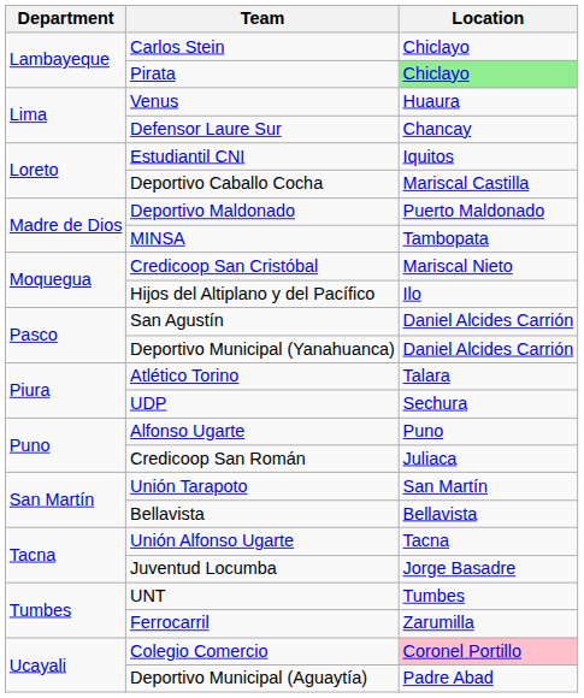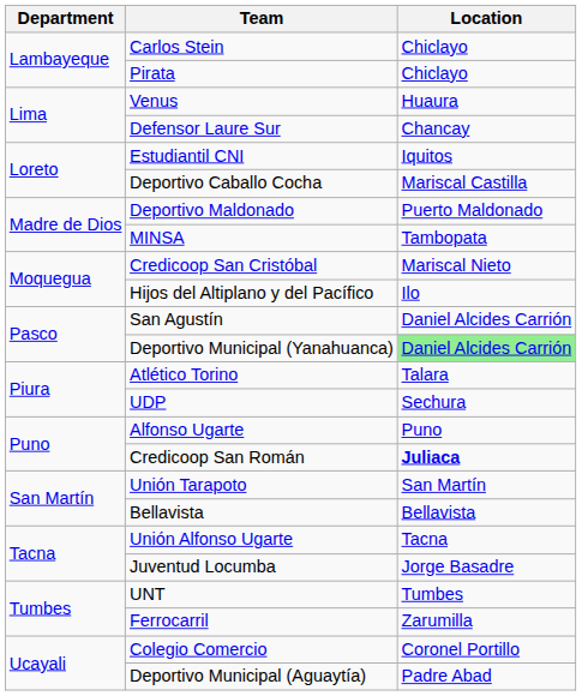 <table class="wikitable">
 <tr>
 <th>Department</th>
 <th>Team</th>
 <th>Location</th>
 </tr>
 <tr>
 <td rowspan="2"><a href='#'>Lambayeque</a></td>
 <td><a href='#'>Carlos Stein</a></td>
 <td><a href='#'>Chiclayo</a></td>
 </tr>
 <tr>
 <td><a href='#'>Pirata</a></td>
-<td style="background: lightgreen;"><a href='#'>Chiclayo</a></td>
+<td><a href='#'>Chiclayo</a></td>
 </tr>
 <tr>
 <td rowspan="2"><a href='#'>Lima</a></td>
 <td><a href='#'>Venus</a></td>
 <td><a href='#'>Huaura</a></td>
 </tr>
 <tr>
 <td><a href='#'>Defensor Laure Sur</a></td>
 <td><a href='#'>Chancay</a></td>
 </tr>
 <tr>
 <td rowspan="2"><a href='#'>Loreto</a></td>
 <td><a href='#'>Estudiantil CNI</a></td>
 <td><a href='#'>Iquitos</a></td>
 </tr>
 <tr>
 <td>Deportivo Caballo Cocha</td>
 <td><a href='#'>Mariscal Castilla</a></td>
 </tr>
 <tr>
 <td rowspan="2"><a href='#'>Madre de Dios</a></td>
 <td><a href='#'>Deportivo Maldonado</a></td>
 <td><a href='#'>Puerto Maldonado</a></td>
 </tr>
 <tr>
 <td><a href='#'>MINSA</a></td>
 <td><a href='#'>Tambopata</a></td>
 </tr>
 <tr>
 <td rowspan="2"><a href='#'>Moquegua</a></td>
 <td><a href='#'>Credicoop San Cristóbal</a></td>
 <td><a href='#'>Mariscal Nieto</a></td>
 </tr>
 <tr>
 <td>Hijos del Altiplano y del Pacífico</td>
 <td><a href='#'>Ilo</a></td>
 </tr>
 <tr>
 <td rowspan="2"><a href='#'>Pasco</a></td>
 <td>San Agustín</td>
 <td><a href='#'>Daniel Alcides Carrión</a></td>
 </tr>
 <tr>
 <td>Deportivo Municipal (Yanahuanca)</td>
-<td><a href='#'>Daniel Alcides Carrión</a></td>
+<td style="background: lightgreen;"><a href='#'>Daniel Alcides Carrión</a></td>
 </tr>
 <tr>
 <td rowspan="2"><a href='#'>Piura</a></td>
 <td><a href='#'>Atlético Torino</a></td>
 <td><a href='#'>Talara</a></td>
 </tr>
 <tr>
 <td><a href='#'>UDP</a></td>
 <td><a href='#'>Sechura</a></td>
 </tr>
 <tr>
 <td rowspan="2"><a href='#'>Puno</a></td>
 <td><a href='#'>Alfonso Ugarte</a></td>
 <td><a href='#'>Puno</a></td>
 </tr>
 <tr>
 <td>Credicoop San Román</td>
-<td><a href='#'>Juliaca</a></td>
+<td><strong><a href='#'>Juliaca</a></strong></td>
 </tr>
 <tr>
 <td rowspan="2"><a href='#'>San Martín</a></td>
 <td><a href='#'>Unión Tarapoto</a></td>
 <td><a href='#'>San Martín</a></td>
 </tr>
 <tr>
 <td>Bellavista</td>
 <td><a href='#'>Bellavista</a></td>
 </tr>
 <tr>
 <td rowspan="2"><a href='#'>Tacna</a></td>
 <td><a href='#'>Unión Alfonso Ugarte</a></td>
 <td><a href='#'>Tacna</a></td>
 </tr>
 <tr>
 <td>Juventud Locumba</td>
 <td><a href='#'>Jorge Basadre</a></td>
 </tr>
 <tr>
 <td rowspan="2"><a href='#'>Tumbes</a></td>
 <td>UNT</td>
 <td><a href='#'>Tumbes</a></td>
 </tr>
 <tr>
 <td><a href='#'>Ferrocarril</a></td>
 <td><a href='#'>Zarumilla</a></td>
 </tr>
 <tr>
 <td rowspan="2"><a href='#'>Ucayali</a></td>
 <td><a href='#'>Colegio Comercio</a></td>
-<td style="background: pink;"><a href='#'>Coronel Portillo</a></td>
+<td><a href='#'>Coronel Portillo</a></td>
 </tr>
 <tr>
 <td>Deportivo Municipal (Aguaytía)</td>
 <td><a href='#'>Padre Abad</a></td>
 </tr>
 </table>
